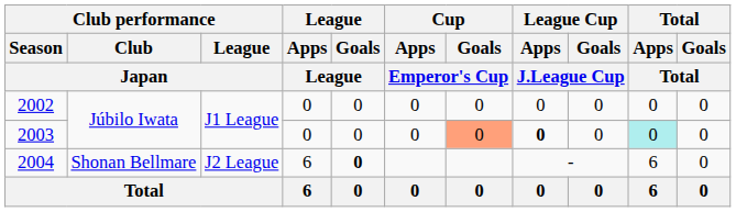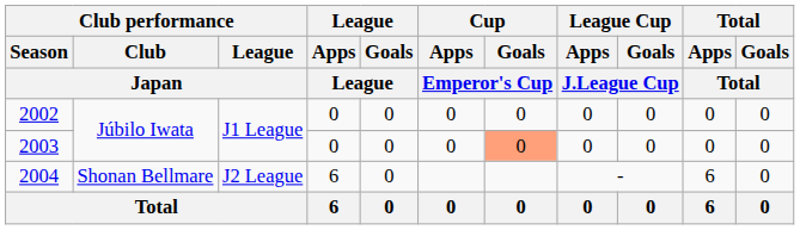 <table class="wikitable" style="text-align:center;">
 <tr>
 <th colspan=3>Club performance</th>
 <th colspan=2>League</th>
 <th colspan=2>Cup</th>
 <th colspan=2>League Cup</th>
 <th colspan=2>Total</th>
 </tr>
 <tr>
 <th>Season</th>
 <th>Club</th>
 <th>League</th>
 <th>Apps</th>
 <th>Goals</th>
 <th>Apps</th>
 <th>Goals</th>
 <th>Apps</th>
 <th>Goals</th>
 <th>Apps</th>
 <th>Goals</th>
 </tr>
 <tr>
 <th colspan=3>Japan</th>
 <th colspan=2>League</th>
 <th colspan=2><a href='#'>Emperor's Cup</a></th>
 <th colspan=2><a href='#'>J.League Cup</a></th>
 <th colspan=2>Total</th>
 </tr>
 <tr>
 <td><a href='#'>2002</a></td>
 <td rowspan="2"><a href='#'>Júbilo Iwata</a></td>
 <td rowspan="2"><a href='#'>J1 League</a></td>
 <td>0</td>
 <td>0</td>
 <td>0</td>
 <td>0</td>
 <td>0</td>
 <td>0</td>
 <td>0</td>
 <td>0</td>
 </tr>
 <tr>
 <td><a href='#'>2003</a></td>
 <td>0</td>
 <td>0</td>
 <td>0</td>
 <td style="background: lightsalmon;">0</td>
-<td><strong>0</strong></td>
 <td>0</td>
-<td style="background: paleturquoise;">0</td>
+<td>0</td>
+<td>0</td>
 <td>0</td>
 </tr>
 <tr>
 <td><a href='#'>2004</a></td>
 <td><a href='#'>Shonan Bellmare</a></td>
 <td><a href='#'>J2 League</a></td>
 <td>6</td>
-<td><strong>0</strong></td>
+<td>0</td>
 <td></td>
 <td></td>
 <td colspan="2">-</td>
 <td>6</td>
 <td>0</td>
 </tr>
 <tr>
 <th colspan=3>Total</th>
 <th>6</th>
 <th>0</th>
 <th>0</th>
 <th>0</th>
 <th>0</th>
 <th>0</th>
 <th>6</th>
 <th>0</th>
 </tr>
 </table>
